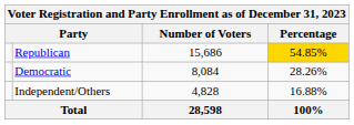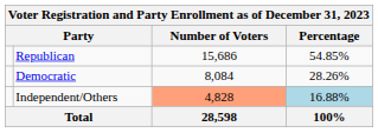 <table class=wikitable>
 <tr>
 <th colspan = 6>Voter Registration and Party Enrollment as of December 31, 2023</th>
 </tr>
 <tr>
 <th colspan = 2>Party</th>
 <th>Number of Voters</th>
 <th>Percentage</th>
 </tr>
 <tr>
 <td></td>
 <td><a href='#'>Republican</a></td>
 <td align = center>15,686</td>
-<td align = center style="background: gold;">54.85%</td>
+<td align = center>54.85%</td>
 </tr>
 <tr>
 <td></td>
 <td><a href='#'>Democratic</a></td>
 <td align = center>8,084</td>
 <td align = center>28.26%</td>
 </tr>
 <tr>
 <td></td>
 <td>Independent/Others</td>
-<td align = center>4,828</td>
-<td align = center>16.88%</td>
+<td align = center style="background: lightsalmon;">4,828</td>
+<td align = center style="background: lightblue;">16.88%</td>
 </tr>
 <tr>
 <th colspan = 2>Total</th>
 <th align = center>28,598</th>
 <th align = center>100%</th>
 </tr>
 </table>
